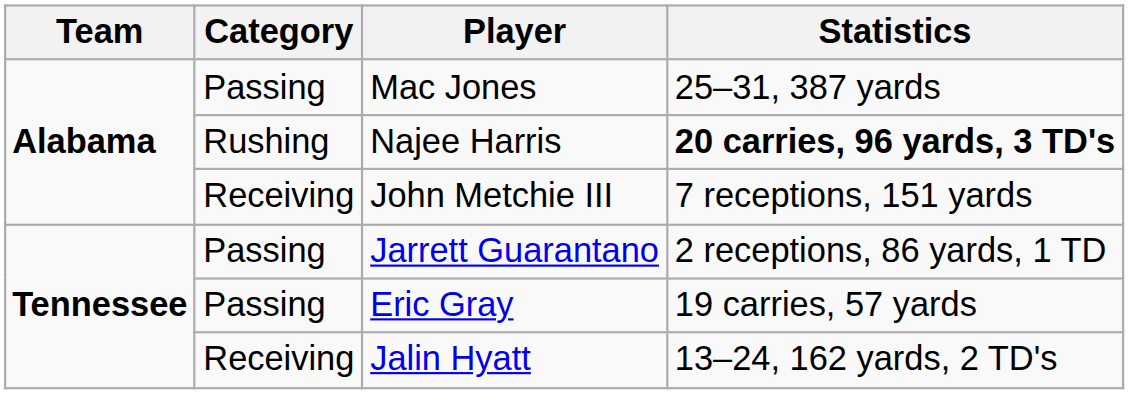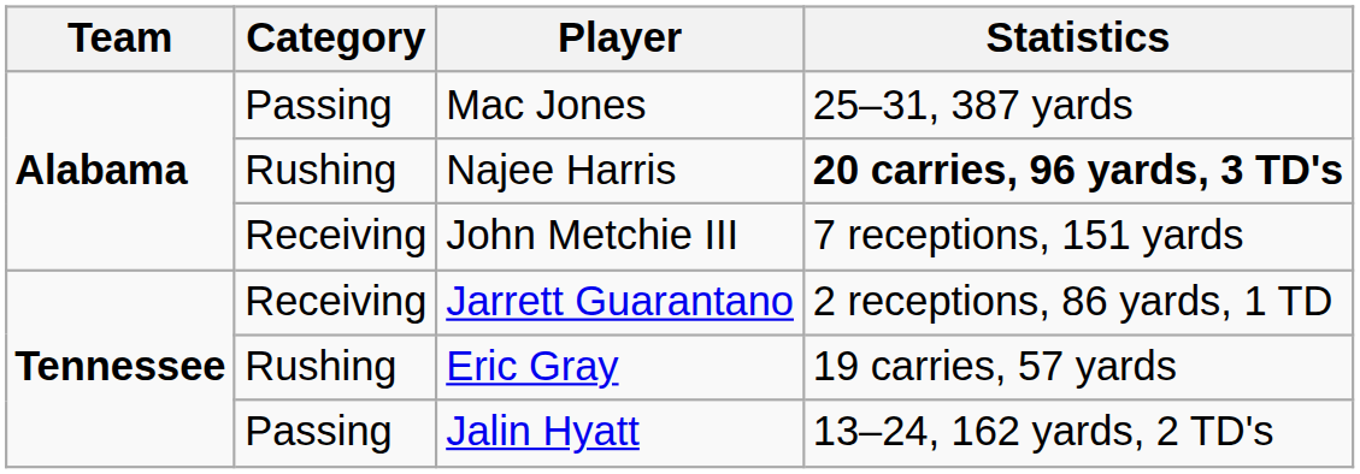 <table class="wikitable" style="float: right;">
 <tr>
 <th>Team</th>
 <th>Category</th>
 <th>Player</th>
 <th>Statistics</th>
 </tr>
 <tr>
 <td rowspan=3><strong>Alabama</strong></td>
 <td>Passing</td>
 <td>Mac Jones</td>
 <td>25–31, 387 yards</td>
 </tr>
 <tr>
 <td>Rushing</td>
 <td>Najee Harris</td>
 <td><strong>20 carries, 96 yards, 3 TD's</strong></td>
 </tr>
 <tr>
 <td>Receiving</td>
 <td>John Metchie III</td>
 <td>7 receptions, 151 yards</td>
 </tr>
 <tr>
 <td rowspan=3><strong>Tennessee</strong></td>
-<td>Passing</td>
+<td>Receiving</td>
 <td><a href='#'>Jarrett Guarantano</a></td>
 <td>2 receptions, 86 yards, 1 TD</td>
 </tr>
 <tr>
-<td>Passing</td>
+<td>Rushing</td>
 <td><a href='#'>Eric Gray</a></td>
 <td>19 carries, 57 yards</td>
 </tr>
 <tr>
-<td>Receiving</td>
+<td>Passing</td>
 <td><a href='#'>Jalin Hyatt</a></td>
 <td>13–24, 162 yards, 2 TD's</td>
 </tr>
 </table>
